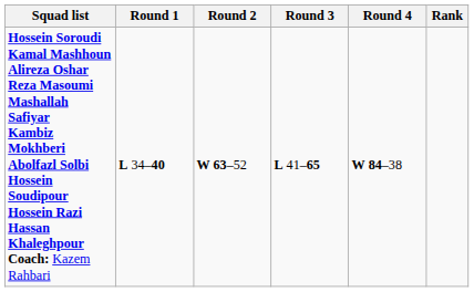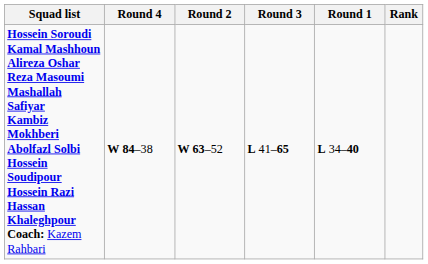 <table class="wikitable" width="80%" style="text-align:left; font-size:90%">
 <tr>
 <th width="20%">Squad list</th>
-<th width="14%">Round 1</th>
+<th width="14%">Round 4</th>
 <th width="14%">Round 2</th>
 <th width="14%">Round 3</th>
-<th width="14%">Round 4</th>
+<th width="14%">Round 1</th>
 <th width="5%">Rank</th>
 </tr>
 <tr>
 <td><strong><a href='#'>Hossein Soroudi</a><br><a href='#'>Kamal Mashhoun</a><br><a href='#'>Alireza Oshar</a><br><a href='#'>Reza Masoumi</a><br><a href='#'>Mashallah Safiyar</a><br><a href='#'>Kambiz Mokhberi</a><br><a href='#'>Abolfazl Solbi</a><br><a href='#'>Hossein Soudipour</a><br><a href='#'>Hossein Razi</a><br><a href='#'>Hassan Khaleghpour</a><br>Coach:</strong> <a href='#'>Kazem Rahbari</a></td>
-<td><br><strong>L</strong> 34–<strong>40</strong></td>
+<td><br><strong>W</strong> <strong>84</strong>–38</td>
 <td><br><strong>W</strong> <strong>63</strong>–52</td>
 <td><br><strong>L</strong> 41–<strong>65</strong></td>
-<td><br><strong>W</strong> <strong>84</strong>–38</td>
+<td><br><strong>L</strong> 34–<strong>40</strong></td>
 <td align="center"></td>
 </tr>
 </table>
